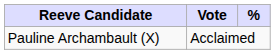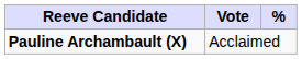 <table class="wikitable">
 <tr>
 <th style="background:#ddf; width:200px;">Reeve Candidate</th>
 <th style="background:#ddf; width:50px;">Vote</th>
 <th style="background:#ddf; width:30px;">%</th>
 </tr>
 <tr>
-<td>Pauline Archambault (X)</td>
+<td><strong>Pauline Archambault (X)</strong></td>
 <td colspan="2">Acclaimed</td>
 </tr>
 </table>
